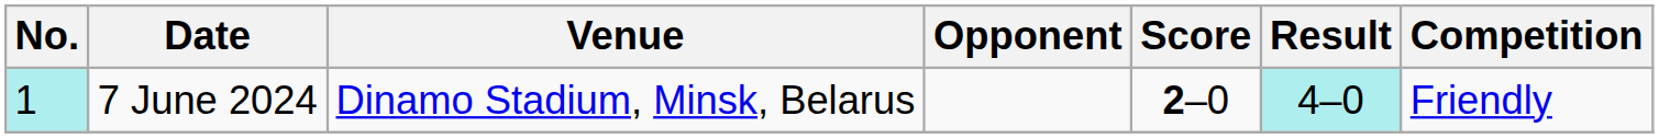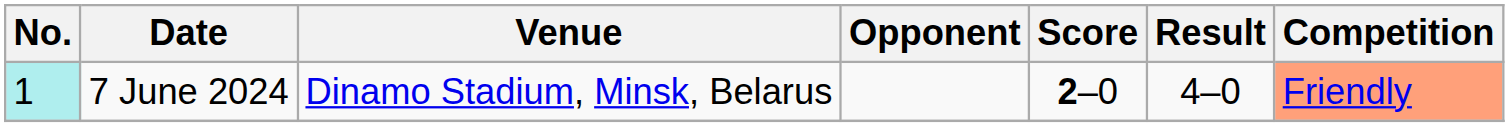 <table class="wikitable">
 <tr>
 <th>No.</th>
 <th>Date</th>
 <th>Venue</th>
 <th>Opponent</th>
 <th>Score</th>
 <th>Result</th>
 <th>Competition</th>
 </tr>
 <tr>
 <td style="background: paleturquoise;">1</td>
 <td>7 June 2024</td>
 <td><a href='#'>Dinamo Stadium</a>, <a href='#'>Minsk</a>, Belarus</td>
 <td></td>
 <td align=center><strong>2</strong>–0</td>
-<td align=center style="background: paleturquoise;">4–0</td>
-<td><a href='#'>Friendly</a></td>
+<td align=center>4–0</td>
+<td style="background: lightsalmon;"><a href='#'>Friendly</a></td>
 </tr>
 <tr>
 </tr>
 </table>
